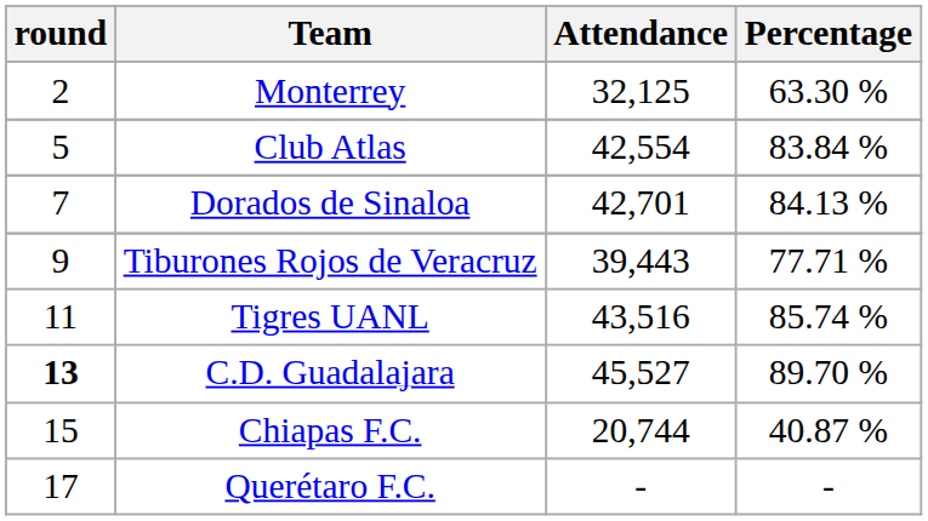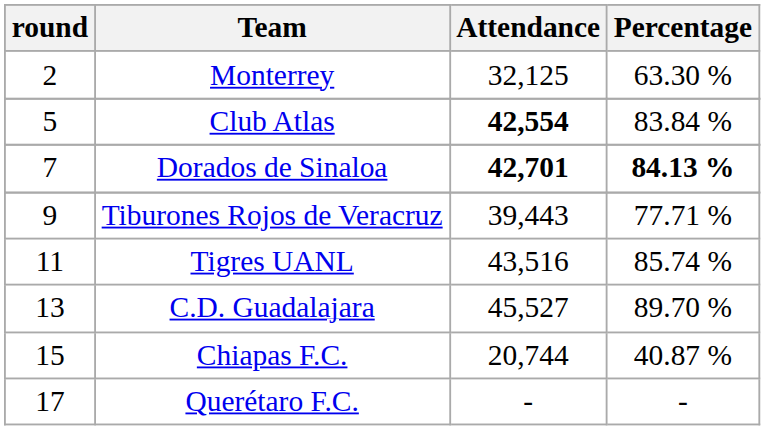 <table class="wikitable sortable">
 <tr>
 <th>round</th>
 <th>Team</th>
 <th>Attendance</th>
 <th>Percentage</th>
 </tr>
 <tr align=center bgcolor=#FFFFFF>
 <td>2</td>
 <td><a href='#'>Monterrey</a></td>
 <td>32,125</td>
 <td>63.30 %</td>
 </tr>
 <tr>
 </tr>
 <tr align=center bgcolor=#FFFFFF>
 <td>5</td>
 <td><a href='#'>Club Atlas</a></td>
-<td>42,554</td>
+<td><strong>42,554</strong></td>
 <td>83.84 %</td>
 </tr>
 <tr>
 </tr>
 <tr align=center bgcolor=#FFFFFF>
 <td>7</td>
 <td><a href='#'>Dorados de Sinaloa</a></td>
-<td>42,701</td>
-<td>84.13 %</td>
+<td><strong>42,701</strong></td>
+<td><strong>84.13 %</strong></td>
 </tr>
 <tr>
 </tr>
 <tr align=center bgcolor=#FFFFFF>
 <td>9</td>
 <td><a href='#'>Tiburones Rojos de Veracruz</a></td>
 <td>39,443</td>
 <td>77.71 %</td>
 </tr>
 <tr align=center bgcolor=#FFFFFF>
 <td>11</td>
 <td><a href='#'>Tigres UANL</a></td>
 <td>43,516</td>
 <td>85.74 %</td>
 </tr>
 <tr align=center bgcolor=#FFFFFF>
-<td><strong>13</strong></td>
+<td>13</td>
 <td><a href='#'>C.D. Guadalajara</a></td>
 <td>45,527</td>
 <td>89.70 %</td>
 </tr>
 <tr align=center bgcolor=#FFFFFF>
 <td>15</td>
 <td><a href='#'>Chiapas F.C.</a></td>
 <td>20,744</td>
 <td>40.87 %</td>
 </tr>
 <tr align=center bgcolor=#FFFFFF>
 <td>17</td>
 <td><a href='#'>Querétaro F.C.</a></td>
 <td>-</td>
 <td>-</td>
 </tr>
 </table>
